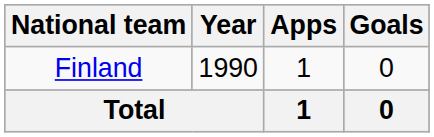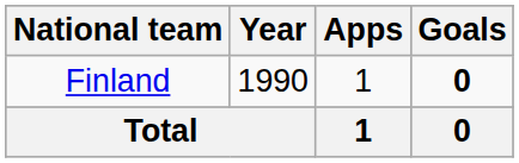 <table class="wikitable" style="text-align:center">
 <tr>
 <th>National team</th>
 <th>Year</th>
 <th>Apps</th>
 <th>Goals</th>
 </tr>
 <tr>
 <td rowspan="1"><a href='#'>Finland</a></td>
 <td>1990</td>
 <td>1</td>
-<td>0</td>
+<td><strong>0</strong></td>
 </tr>
 <tr>
 <th colspan=2>Total</th>
 <th>1</th>
 <th>0</th>
 </tr>
 </table>
